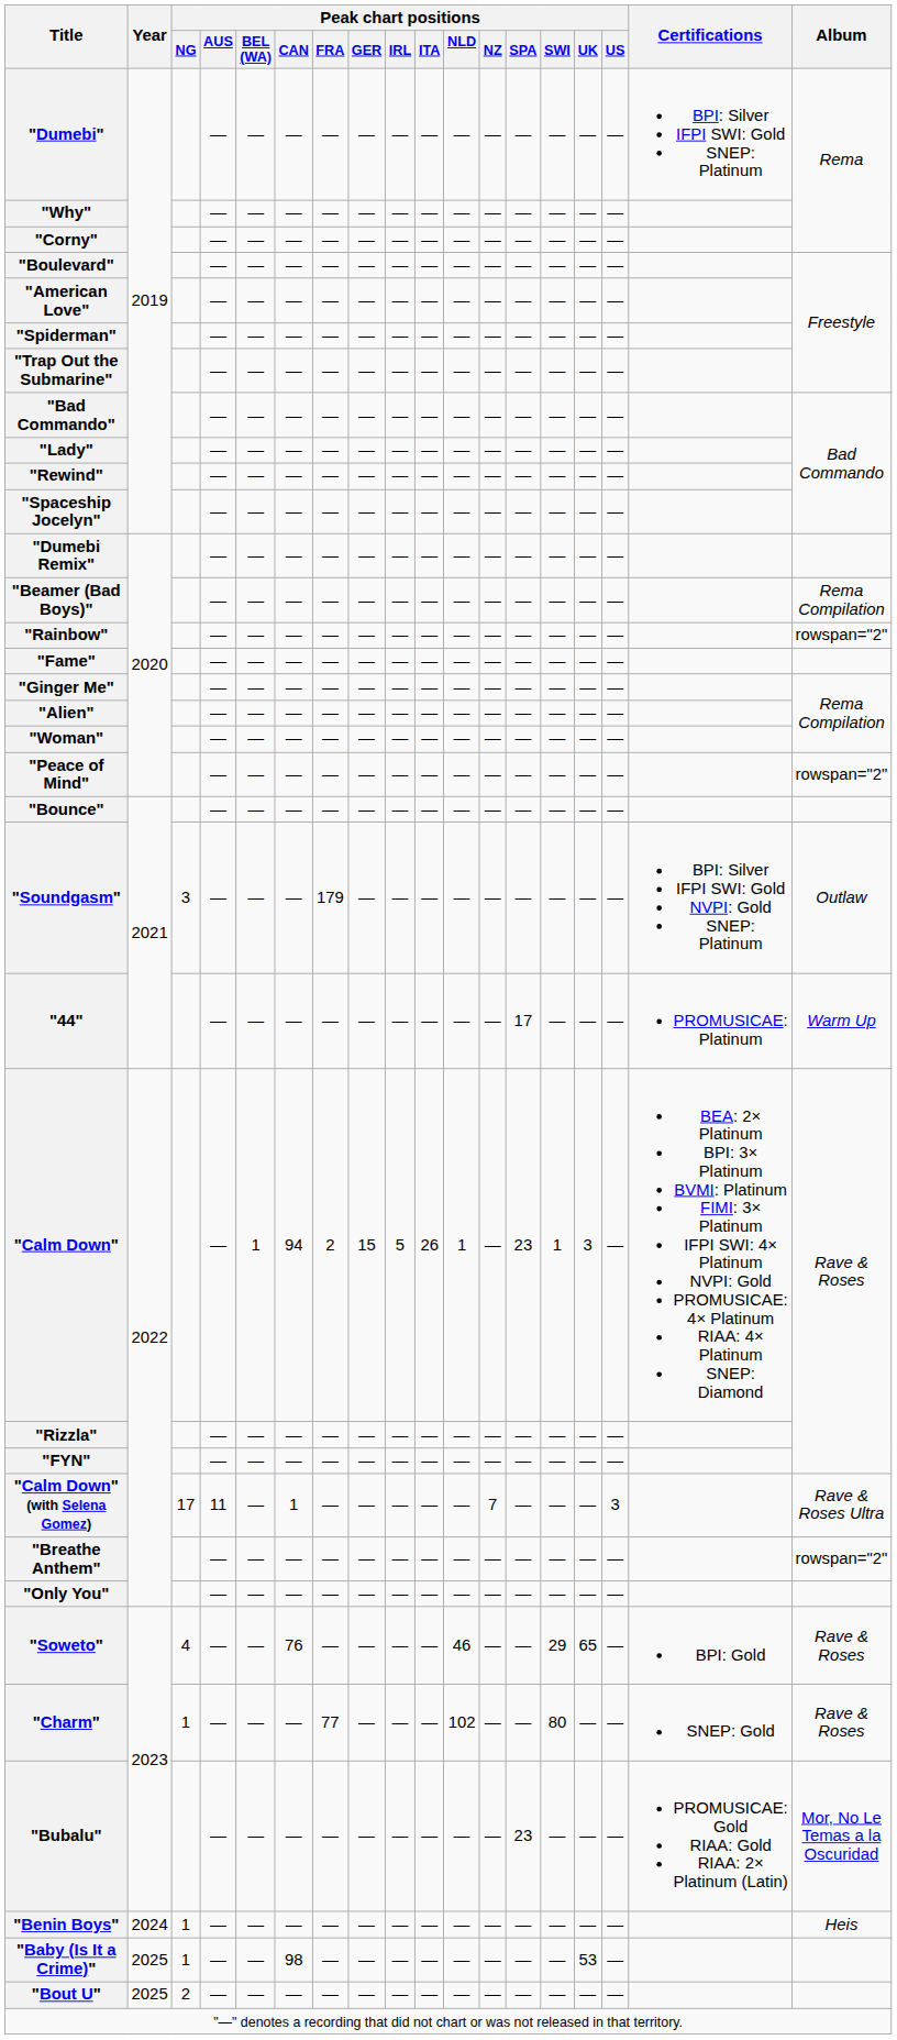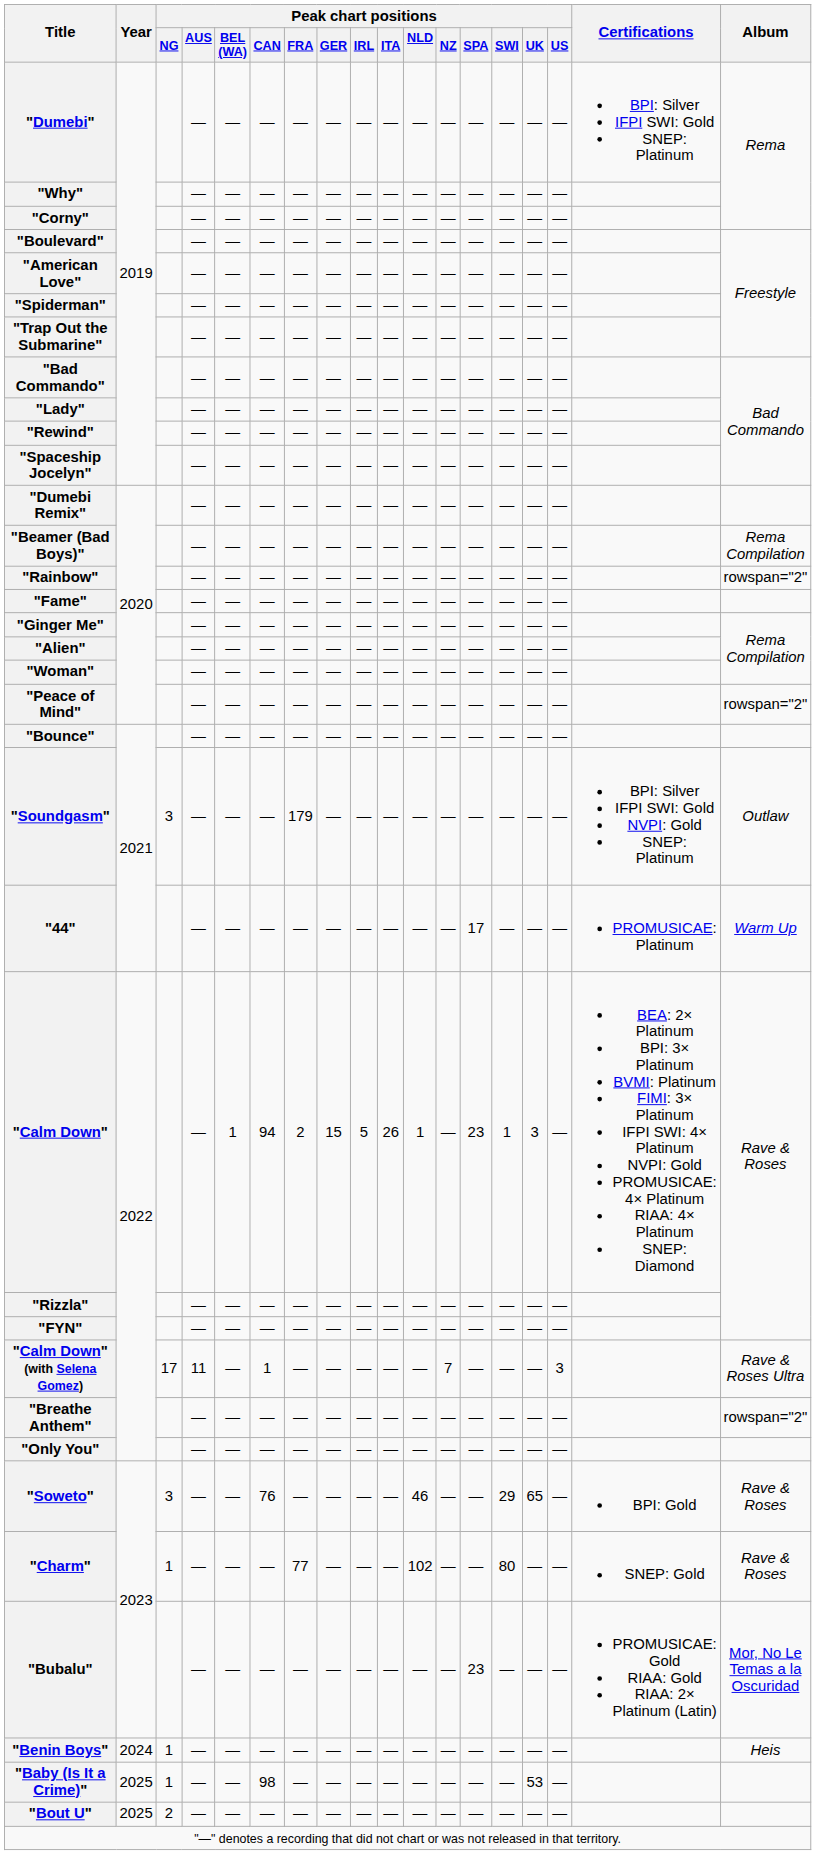 <table class="wikitable plainrowheaders" style="text-align:center;">
 <tr>
 <th scope="col" rowspan="2" style="width:15em;">Title</th>
 <th scope="col" rowspan="2" style="width:1em;">Year</th>
 <th colspan="14">Peak chart positions</th>
 <th scope="col" rowspan="2"><a href='#'>Certifications</a></th>
 <th scope="col" rowspan="2">Album</th>
 </tr>
 <tr>
 <th scope="col" style="width:3em;font-size:85%;"><a href='#'>NG</a><br></th>
 <th scope="col" style="width:3em;font-size:85%;"><a href='#'>AUS</a><br><br></th>
 <th scope="col" style="width:3em;font-size:85%;"><a href='#'>BEL<br>(WA)</a><br></th>
 <th scope="col" style="width:3em;font-size:85%;"><a href='#'>CAN</a><br></th>
 <th scope="col" style="width:3em;font-size:85%;"><a href='#'>FRA</a><br></th>
 <th scope="col" style="width:3em;font-size:85%;"><a href='#'>GER</a><br></th>
 <th scope="col" style="width:3em;font-size:85%;"><a href='#'>IRL</a><br></th>
 <th scope="col" style="width:3em;font-size:85%;"><a href='#'>ITA</a><br></th>
 <th scope="col" style="width:3em;font-size:85%;"><a href='#'>NLD</a><br><br></th>
 <th scope="col" style="width:3em;font-size:85%;"><a href='#'>NZ</a><br></th>
 <th scope="col" style="width:3em;font-size:85%;"><a href='#'>SPA</a><br></th>
 <th scope="col" style="width:3em;font-size:85%;"><a href='#'>SWI</a><br></th>
 <th scope="col" style="width:3em;font-size:85%;"><a href='#'>UK</a><br></th>
 <th scope="col" style="width:3em;font-size:85%;"><a href='#'>US</a><br></th>
 </tr>
 <tr>
 <th scope="row">"<a href='#'>Dumebi</a>"</th>
 <td rowspan="11">2019</td>
 <td></td>
 <td>—</td>
 <td>—</td>
 <td>—</td>
 <td>—</td>
 <td>—</td>
 <td>—</td>
 <td>—</td>
 <td>—</td>
 <td>—</td>
 <td>—</td>
 <td>—</td>
 <td>—</td>
 <td>—</td>
 <td><br><ul><li><a href='#'>BPI</a>: Silver</li><li><a href='#'>IFPI</a> SWI: Gold</li><li>SNEP: Platinum</li></ul></td>
 <td rowspan="3"><em>Rema</em></td>
 </tr>
 <tr>
 <th scope="row">"Why"</th>
 <td></td>
 <td>—</td>
 <td>—</td>
 <td>—</td>
 <td>—</td>
 <td>—</td>
 <td>—</td>
 <td>—</td>
 <td>—</td>
 <td>—</td>
 <td>—</td>
 <td>—</td>
 <td>—</td>
 <td>—</td>
 <td></td>
 </tr>
 <tr>
 <th scope="row">"Corny"</th>
 <td></td>
 <td>—</td>
 <td>—</td>
 <td>—</td>
 <td>—</td>
 <td>—</td>
 <td>—</td>
 <td>—</td>
 <td>—</td>
 <td>—</td>
 <td>—</td>
 <td>—</td>
 <td>—</td>
 <td>—</td>
 <td></td>
 </tr>
 <tr>
 <th scope="row">"Boulevard"</th>
 <td></td>
 <td>—</td>
 <td>—</td>
 <td>—</td>
 <td>—</td>
 <td>—</td>
 <td>—</td>
 <td>—</td>
 <td>—</td>
 <td>—</td>
 <td>—</td>
 <td>—</td>
 <td>—</td>
 <td>—</td>
 <td></td>
 <td rowspan="4"><em>Freestyle</em></td>
 </tr>
 <tr>
 <th scope="row">"American Love"</th>
 <td></td>
 <td>—</td>
 <td>—</td>
 <td>—</td>
 <td>—</td>
 <td>—</td>
 <td>—</td>
 <td>—</td>
 <td>—</td>
 <td>—</td>
 <td>—</td>
 <td>—</td>
 <td>—</td>
 <td>—</td>
 <td></td>
 </tr>
 <tr>
 <th scope="row">"Spiderman"</th>
 <td></td>
 <td>—</td>
 <td>—</td>
 <td>—</td>
 <td>—</td>
 <td>—</td>
 <td>—</td>
 <td>—</td>
 <td>—</td>
 <td>—</td>
 <td>—</td>
 <td>—</td>
 <td>—</td>
 <td>—</td>
 <td></td>
 </tr>
 <tr>
 <th scope="row">"Trap Out the Submarine"</th>
 <td></td>
 <td>—</td>
 <td>—</td>
 <td>—</td>
 <td>—</td>
 <td>—</td>
 <td>—</td>
 <td>—</td>
 <td>—</td>
 <td>—</td>
 <td>—</td>
 <td>—</td>
 <td>—</td>
 <td>—</td>
 <td></td>
 </tr>
 <tr>
 <th scope="row">"Bad Commando"</th>
 <td></td>
 <td>—</td>
 <td>—</td>
 <td>—</td>
 <td>—</td>
 <td>—</td>
 <td>—</td>
 <td>—</td>
 <td>—</td>
 <td>—</td>
 <td>—</td>
 <td>—</td>
 <td>—</td>
 <td>—</td>
 <td></td>
 <td rowspan="4"><em>Bad Commando</em></td>
 </tr>
 <tr>
 <th scope="row">"Lady"</th>
 <td></td>
 <td>—</td>
 <td>—</td>
 <td>—</td>
 <td>—</td>
 <td>—</td>
 <td>—</td>
 <td>—</td>
 <td>—</td>
 <td>—</td>
 <td>—</td>
 <td>—</td>
 <td>—</td>
 <td>—</td>
 <td></td>
 </tr>
 <tr>
 <th scope="row">"Rewind"</th>
 <td></td>
 <td>—</td>
 <td>—</td>
 <td>—</td>
 <td>—</td>
 <td>—</td>
 <td>—</td>
 <td>—</td>
 <td>—</td>
 <td>—</td>
 <td>—</td>
 <td>—</td>
 <td>—</td>
 <td>—</td>
 <td></td>
 </tr>
 <tr>
 <th scope="row">"Spaceship Jocelyn"</th>
 <td></td>
 <td>—</td>
 <td>—</td>
 <td>—</td>
 <td>—</td>
 <td>—</td>
 <td>—</td>
 <td>—</td>
 <td>—</td>
 <td>—</td>
 <td>—</td>
 <td>—</td>
 <td>—</td>
 <td>—</td>
 <td></td>
 </tr>
 <tr>
 <th scope="row">"Dumebi Remix"<br></th>
 <td rowspan="8">2020</td>
 <td></td>
 <td>—</td>
 <td>—</td>
 <td>—</td>
 <td>—</td>
 <td>—</td>
 <td>—</td>
 <td>—</td>
 <td>—</td>
 <td>—</td>
 <td>—</td>
 <td>—</td>
 <td>—</td>
 <td>—</td>
 <td></td>
 <td></td>
 </tr>
 <tr>
 <th scope="row">"Beamer (Bad Boys)"<br></th>
 <td></td>
 <td>—</td>
 <td>—</td>
 <td>—</td>
 <td>—</td>
 <td>—</td>
 <td>—</td>
 <td>—</td>
 <td>—</td>
 <td>—</td>
 <td>—</td>
 <td>—</td>
 <td>—</td>
 <td>—</td>
 <td></td>
 <td><em>Rema Compilation</em></td>
 </tr>
 <tr>
 <th scope="row">"Rainbow"</th>
 <td></td>
 <td>—</td>
 <td>—</td>
 <td>—</td>
 <td>—</td>
 <td>—</td>
 <td>—</td>
 <td>—</td>
 <td>—</td>
 <td>—</td>
 <td>—</td>
 <td>—</td>
 <td>—</td>
 <td>—</td>
 <td></td>
 <td>rowspan="2" </td>
 </tr>
 <tr>
 <th scope="row">"Fame"</th>
 <td></td>
 <td>—</td>
 <td>—</td>
 <td>—</td>
 <td>—</td>
 <td>—</td>
 <td>—</td>
 <td>—</td>
 <td>—</td>
 <td>—</td>
 <td>—</td>
 <td>—</td>
 <td>—</td>
 <td>—</td>
 <td></td>
 </tr>
 <tr>
 <th scope="row">"Ginger Me"</th>
 <td></td>
 <td>—</td>
 <td>—</td>
 <td>—</td>
 <td>—</td>
 <td>—</td>
 <td>—</td>
 <td>—</td>
 <td>—</td>
 <td>—</td>
 <td>—</td>
 <td>—</td>
 <td>—</td>
 <td>—</td>
 <td></td>
 <td rowspan="3"><em>Rema Compilation</em></td>
 </tr>
 <tr>
 <th scope="row">"Alien"</th>
 <td></td>
 <td>—</td>
 <td>—</td>
 <td>—</td>
 <td>—</td>
 <td>—</td>
 <td>—</td>
 <td>—</td>
 <td>—</td>
 <td>—</td>
 <td>—</td>
 <td>—</td>
 <td>—</td>
 <td>—</td>
 <td></td>
 </tr>
 <tr>
 <th scope="row">"Woman"</th>
 <td></td>
 <td>—</td>
 <td>—</td>
 <td>—</td>
 <td>—</td>
 <td>—</td>
 <td>—</td>
 <td>—</td>
 <td>—</td>
 <td>—</td>
 <td>—</td>
 <td>—</td>
 <td>—</td>
 <td>—</td>
 <td></td>
 </tr>
 <tr>
 <th scope="row">"Peace of Mind"</th>
 <td></td>
 <td>—</td>
 <td>—</td>
 <td>—</td>
 <td>—</td>
 <td>—</td>
 <td>—</td>
 <td>—</td>
 <td>—</td>
 <td>—</td>
 <td>—</td>
 <td>—</td>
 <td>—</td>
 <td>—</td>
 <td></td>
 <td>rowspan="2" </td>
 </tr>
 <tr>
 <th scope="row">"Bounce"</th>
 <td rowspan="3">2021</td>
 <td></td>
 <td>—</td>
 <td>—</td>
 <td>—</td>
 <td>—</td>
 <td>—</td>
 <td>—</td>
 <td>—</td>
 <td>—</td>
 <td>—</td>
 <td>—</td>
 <td>—</td>
 <td>—</td>
 <td>—</td>
 <td></td>
 </tr>
 <tr>
 <th scope="row">"<a href='#'>Soundgasm</a>"</th>
 <td>3</td>
 <td>—</td>
 <td>—</td>
 <td>—</td>
 <td>179</td>
 <td>—</td>
 <td>—</td>
 <td>—</td>
 <td>—</td>
 <td>—</td>
 <td>—</td>
 <td>—</td>
 <td>—</td>
 <td>—</td>
 <td><br><ul><li>BPI: Silver</li><li>IFPI SWI: Gold</li><li><a href='#'>NVPI</a>: Gold</li><li>SNEP: Platinum</li></ul></td>
 <td><em>Outlaw</em></td>
 </tr>
 <tr>
 <th scope="row">"44"<br></th>
 <td></td>
 <td>—</td>
 <td>—</td>
 <td>—</td>
 <td>—</td>
 <td>—</td>
 <td>—</td>
 <td>—</td>
 <td>—</td>
 <td>—</td>
 <td>17</td>
 <td>—</td>
 <td>—</td>
 <td>—</td>
 <td><br><ul><li><a href='#'>PROMUSICAE</a>: Platinum</li></ul></td>
 <td><em><a href='#'>Warm Up</a></em></td>
 </tr>
 <tr>
 <th scope="row">"<a href='#'>Calm Down</a>"</th>
 <td rowspan="6">2022</td>
 <td></td>
 <td>—</td>
 <td>1</td>
 <td>94</td>
 <td>2</td>
 <td>15</td>
 <td>5</td>
 <td>26</td>
 <td>1</td>
 <td>—</td>
 <td>23</td>
 <td>1</td>
 <td>3</td>
 <td>—</td>
 <td><br><ul><li><a href='#'>BEA</a>: 2× Platinum</li><li>BPI: 3× Platinum</li><li><a href='#'>BVMI</a>: Platinum</li><li><a href='#'>FIMI</a>: 3× Platinum</li><li>IFPI SWI: 4× Platinum</li><li>NVPI: Gold</li><li>PROMUSICAE: 4× Platinum</li><li>RIAA: 4× Platinum</li><li>SNEP: Diamond</li></ul></td>
 <td rowspan="3"><em>Rave & Roses</em></td>
 </tr>
 <tr>
 <th scope="row">"Rizzla"<br></th>
 <td></td>
 <td>—</td>
 <td>—</td>
 <td>—</td>
 <td>—</td>
 <td>—</td>
 <td>—</td>
 <td>—</td>
 <td>—</td>
 <td>—</td>
 <td>—</td>
 <td>—</td>
 <td>—</td>
 <td>—</td>
 <td></td>
 </tr>
 <tr>
 <th scope="row">"FYN"<br></th>
 <td></td>
 <td>—</td>
 <td>—</td>
 <td>—</td>
 <td>—</td>
 <td>—</td>
 <td>—</td>
 <td>—</td>
 <td>—</td>
 <td>—</td>
 <td>—</td>
 <td>—</td>
 <td>—</td>
 <td>—</td>
 <td></td>
 </tr>
 <tr>
 <th scope="row">"<a href='#'>Calm Down</a>"<br><small>(with <a href='#'>Selena Gomez</a>)</small></th>
 <td>17</td>
 <td>11</td>
 <td>—</td>
 <td>1</td>
 <td>—</td>
 <td>—</td>
 <td>—</td>
 <td>—</td>
 <td>—</td>
 <td>7</td>
 <td>—</td>
 <td>—</td>
 <td>—</td>
 <td>3</td>
 <td></td>
 <td><em>Rave & Roses Ultra</em></td>
 </tr>
 <tr>
 <th scope="row">"Breathe Anthem"<br></th>
 <td></td>
 <td>—</td>
 <td>—</td>
 <td>—</td>
 <td>—</td>
 <td>—</td>
 <td>—</td>
 <td>—</td>
 <td>—</td>
 <td>—</td>
 <td>—</td>
 <td>—</td>
 <td>—</td>
 <td>—</td>
 <td></td>
 <td>rowspan="2" </td>
 </tr>
 <tr>
 <th scope="row">"Only You"<br></th>
 <td></td>
 <td>—</td>
 <td>—</td>
 <td>—</td>
 <td>—</td>
 <td>—</td>
 <td>—</td>
 <td>—</td>
 <td>—</td>
 <td>—</td>
 <td>—</td>
 <td>—</td>
 <td>—</td>
 <td>—</td>
 <td></td>
 </tr>
 <tr>
 <th scope="row">"<a href='#'>Soweto</a>"<br></th>
 <td rowspan="3">2023</td>
-<td>4</td>
+<td>3</td>
 <td>—</td>
 <td>—</td>
 <td>76</td>
 <td>—</td>
 <td>—</td>
 <td>—</td>
 <td>—</td>
 <td>46</td>
 <td>—</td>
 <td>—</td>
 <td>29</td>
 <td>65</td>
 <td>—</td>
 <td><br><ul><li>BPI: Gold</li></ul></td>
 <td><em>Rave & Roses</em></td>
 </tr>
 <tr>
 <th scope="row">"<a href='#'>Charm</a>"</th>
 <td>1</td>
 <td>—</td>
 <td>—</td>
 <td>—</td>
 <td>77</td>
 <td>—</td>
 <td>—</td>
 <td>—</td>
 <td>102</td>
 <td>—</td>
 <td>—</td>
 <td>80</td>
 <td>—</td>
 <td>—</td>
 <td><br><ul><li>SNEP: Gold</li></ul></td>
 <td><em>Rave & Roses</em></td>
 </tr>
 <tr>
 <th scope="row">"Bubalu"<br></th>
 <td></td>
 <td>—</td>
 <td>—</td>
 <td>—</td>
 <td>—</td>
 <td>—</td>
 <td>—</td>
 <td>—</td>
 <td>—</td>
 <td>—</td>
 <td>23</td>
 <td>—</td>
 <td>—</td>
 <td>—</td>
 <td><br><ul><li>PROMUSICAE: Gold</li><li>RIAA: Gold</li><li>RIAA: 2× Platinum (Latin)</li></ul></td>
 <td><a href='#'>Mor, No Le Temas a la Oscuridad</a></td>
 </tr>
 <tr>
 <th scope="row">"<a href='#'>Benin Boys</a>"<br></th>
 <td>2024</td>
 <td>1</td>
 <td>—</td>
 <td>—</td>
 <td>—</td>
 <td>—</td>
 <td>—</td>
 <td>—</td>
 <td>—</td>
 <td>—</td>
 <td>—</td>
 <td>—</td>
 <td>—</td>
 <td>—</td>
 <td>—</td>
 <td></td>
 <td><em>Heis</em></td>
 </tr>
 <tr>
 <th scope="row">"<a href='#'>Baby (Is It a Crime)</a>"</th>
 <td>2025</td>
 <td>1</td>
 <td>—</td>
 <td>—</td>
 <td>98</td>
 <td>—</td>
 <td>—</td>
 <td>—</td>
 <td>—</td>
 <td>—</td>
 <td>—</td>
 <td>—</td>
 <td>—</td>
 <td>53</td>
 <td>—</td>
 <td></td>
 <td></td>
 </tr>
 <tr>
 <th scope="row">"<a href='#'>Bout U</a>"</th>
 <td>2025</td>
 <td>2</td>
 <td>—</td>
 <td>—</td>
 <td>—</td>
 <td>—</td>
 <td>—</td>
 <td>—</td>
 <td>—</td>
 <td>—</td>
 <td>—</td>
 <td>—</td>
 <td>—</td>
 <td>—</td>
 <td>—</td>
 <td></td>
 <td></td>
 </tr>
 <tr>
 <td colspan="18"><small>"—" denotes a recording that did not chart or was not released in that territory.</small></td>
 </tr>
 </table>
